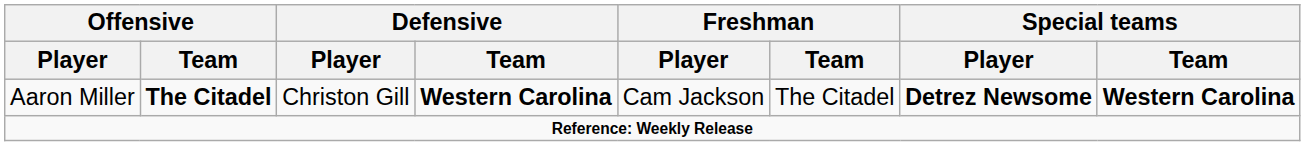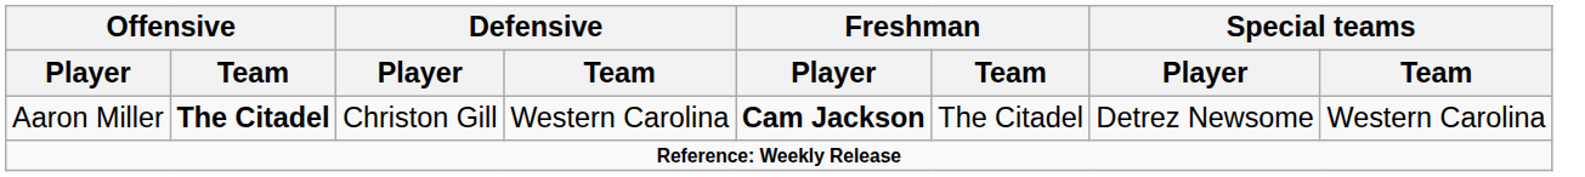 <table class="wikitable" border="1">
 <tr>
 <th colspan="2">Offensive</th>
 <th colspan="2">Defensive</th>
 <th colspan="2">Freshman</th>
 <th colspan="2">Special teams</th>
 </tr>
 <tr>
 <th>Player</th>
 <th>Team</th>
 <th>Player</th>
 <th>Team</th>
 <th>Player</th>
 <th>Team</th>
 <th>Player</th>
 <th>Team</th>
 </tr>
 <tr>
 <td>Aaron Miller</td>
 <td><strong>The Citadel</strong></td>
 <td>Christon Gill</td>
-<td><strong>Western Carolina</strong></td>
-<td>Cam Jackson</td>
+<td>Western Carolina</td>
+<td><strong>Cam Jackson</strong></td>
 <td>The Citadel</td>
-<td><strong>Detrez Newsome</strong></td>
-<td><strong>Western Carolina</strong></td>
+<td>Detrez Newsome</td>
+<td>Western Carolina</td>
 </tr>
 <tr>
 <td colspan="8" style="font-size: 8pt" align="center"><strong>Reference: Weekly Release</strong></td>
 </tr>
 </table>
